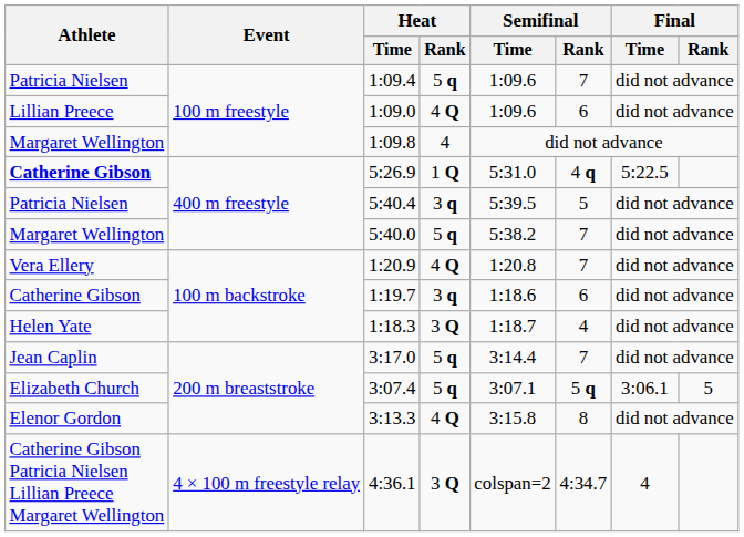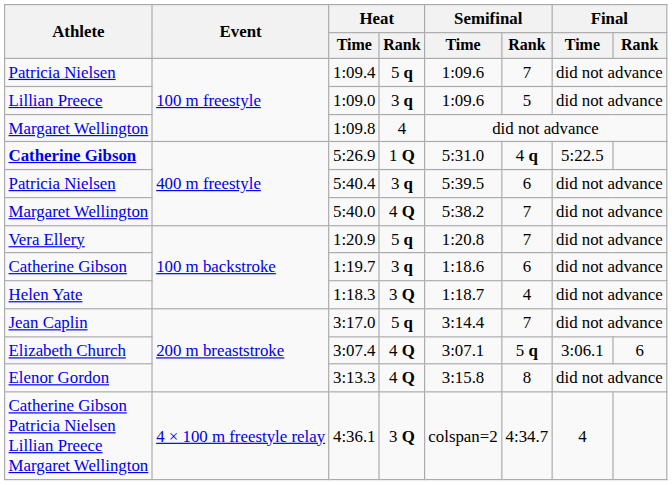 <table class=wikitable style=font-size:90%;text-align:center>
 <tr>
 <th rowspan=2>Athlete</th>
 <th rowspan=2>Event</th>
 <th colspan=2>Heat</th>
 <th colspan=2>Semifinal</th>
 <th colspan=2>Final</th>
 </tr>
 <tr style=font-size:95%>
 <th>Time</th>
 <th>Rank</th>
 <th>Time</th>
 <th>Rank</th>
 <th>Time</th>
 <th>Rank</th>
 </tr>
 <tr>
 <td align=left><a href='#'>Patricia Nielsen</a></td>
 <td align=left rowspan=3><a href='#'>100 m freestyle</a></td>
 <td>1:09.4</td>
 <td>5 <strong>q</strong></td>
 <td>1:09.6</td>
 <td>7</td>
 <td colspan=2>did not advance</td>
 </tr>
 <tr>
 <td align=left><a href='#'>Lillian Preece</a></td>
 <td>1:09.0</td>
-<td>4 <strong>Q</strong></td>
+<td>3 <strong>q</strong></td>
 <td>1:09.6</td>
-<td>6</td>
+<td>5</td>
 <td colspan=2>did not advance</td>
 </tr>
 <tr>
 <td align=left><a href='#'>Margaret Wellington</a></td>
 <td>1:09.8</td>
 <td>4</td>
 <td colspan=4>did not advance</td>
 </tr>
 <tr>
 <td align=left><strong><a href='#'>Catherine Gibson</a></strong></td>
 <td align=left rowspan=3><a href='#'>400 m freestyle</a></td>
 <td>5:26.9</td>
 <td>1 <strong>Q</strong></td>
 <td>5:31.0</td>
 <td>4 <strong>q</strong></td>
 <td>5:22.5</td>
 <td></td>
 </tr>
 <tr>
 <td align=left><a href='#'>Patricia Nielsen</a></td>
 <td>5:40.4</td>
 <td>3 <strong>q</strong></td>
 <td>5:39.5</td>
-<td>5</td>
+<td>6</td>
 <td colspan=2>did not advance</td>
 </tr>
 <tr>
 <td align=left><a href='#'>Margaret Wellington</a></td>
 <td>5:40.0</td>
-<td>5 <strong>q</strong></td>
+<td>4 <strong>Q</strong></td>
 <td>5:38.2</td>
 <td>7</td>
 <td colspan=2>did not advance</td>
 </tr>
 <tr>
 <td align=left><a href='#'>Vera Ellery</a></td>
 <td align=left rowspan=3><a href='#'>100 m backstroke</a></td>
 <td>1:20.9</td>
-<td>4 <strong>Q</strong></td>
+<td>5 <strong>q</strong></td>
 <td>1:20.8</td>
 <td>7</td>
 <td colspan=2>did not advance</td>
 </tr>
 <tr>
 <td align=left><a href='#'>Catherine Gibson</a></td>
 <td>1:19.7</td>
 <td>3 <strong>q</strong></td>
 <td>1:18.6</td>
 <td>6</td>
 <td colspan=2>did not advance</td>
 </tr>
 <tr>
 <td align=left><a href='#'>Helen Yate</a></td>
 <td>1:18.3</td>
 <td>3 <strong>Q</strong></td>
 <td>1:18.7</td>
 <td>4</td>
 <td colspan=2>did not advance</td>
 </tr>
 <tr>
 <td align=left><a href='#'>Jean Caplin</a></td>
 <td align=left rowspan=3><a href='#'>200 m breaststroke</a></td>
 <td>3:17.0</td>
 <td>5 <strong>q</strong></td>
 <td>3:14.4</td>
 <td>7</td>
 <td colspan=2>did not advance</td>
 </tr>
 <tr>
 <td align=left><a href='#'>Elizabeth Church</a></td>
 <td>3:07.4</td>
-<td>5 <strong>q</strong></td>
+<td>4 <strong>Q</strong></td>
 <td>3:07.1</td>
 <td>5 <strong>q</strong></td>
 <td>3:06.1</td>
-<td>5</td>
+<td>6</td>
 </tr>
 <tr>
 <td align=left><a href='#'>Elenor Gordon</a></td>
 <td>3:13.3</td>
 <td>4 <strong>Q</strong></td>
 <td>3:15.8</td>
 <td>8</td>
 <td colspan=2>did not advance</td>
 </tr>
 <tr>
 <td align=left><a href='#'>Catherine Gibson</a><br><a href='#'>Patricia Nielsen</a><br><a href='#'>Lillian Preece</a><br><a href='#'>Margaret Wellington</a></td>
 <td align=left><a href='#'>4 × 100 m freestyle relay</a></td>
 <td>4:36.1</td>
 <td>3 <strong>Q</strong></td>
 <td>colspan=2 </td>
 <td>4:34.7</td>
 <td>4</td>
 </tr>
 </table>
